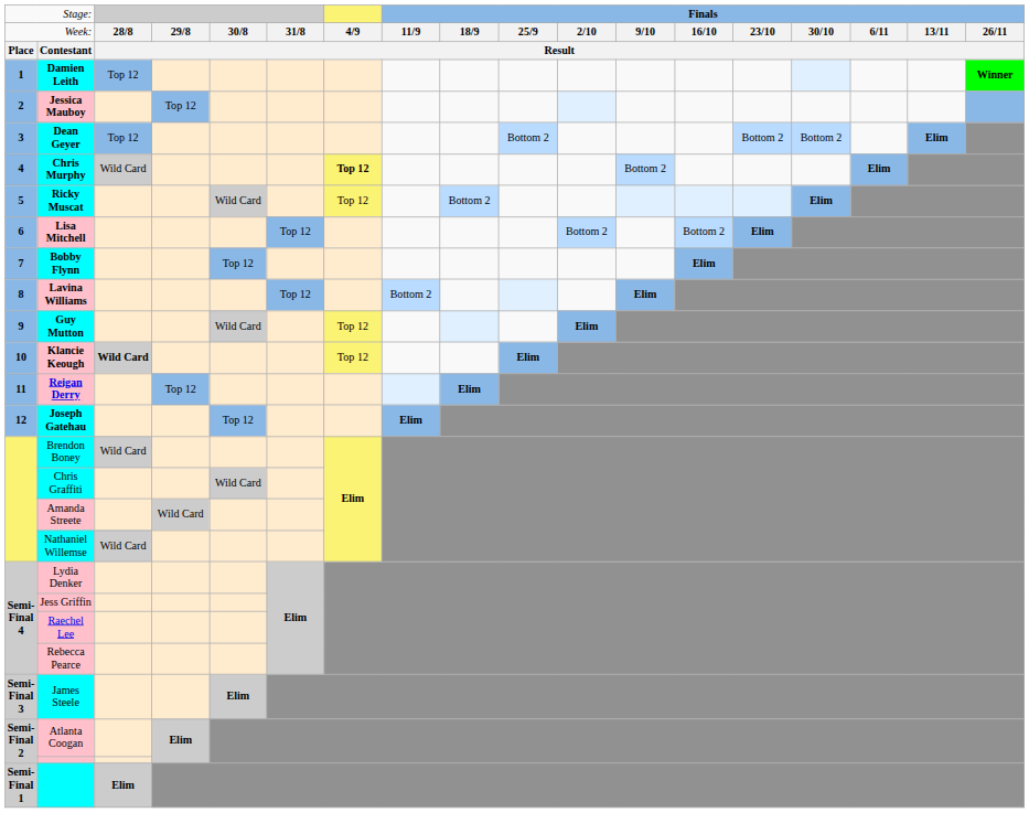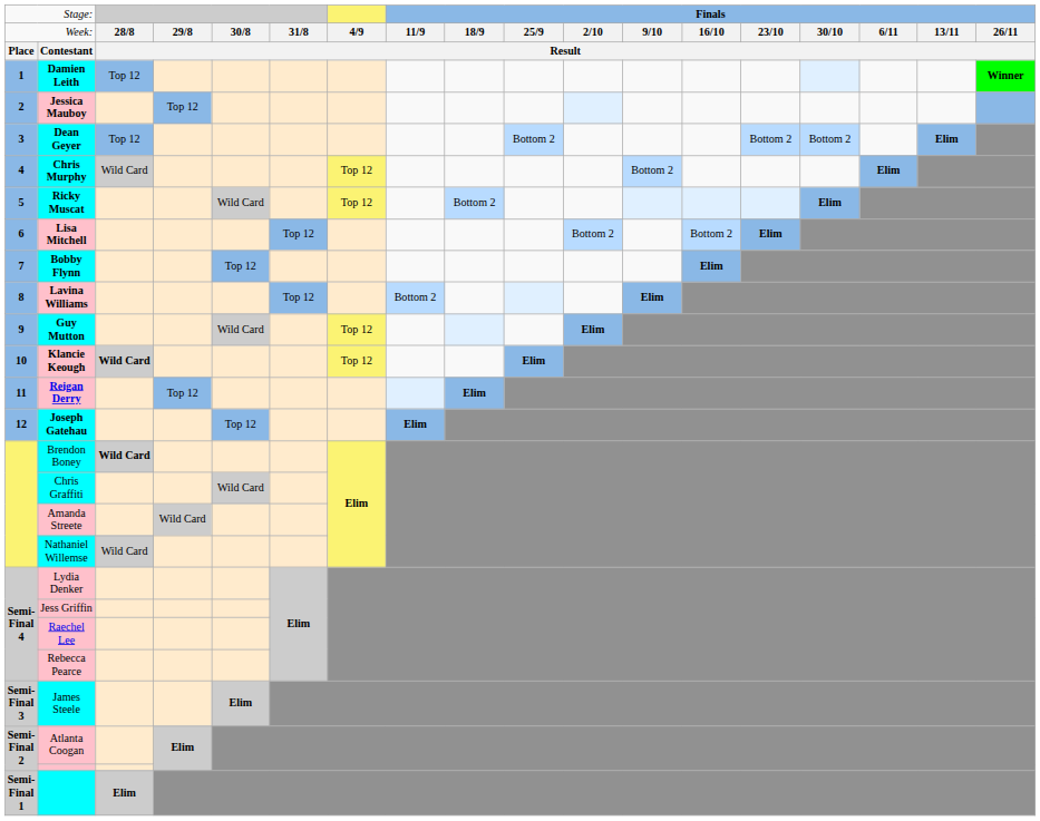 <table class="wikitable" style="text-align:center; font-size:85%">
 <tr>
 <td colspan="2" style="text-align:right;"><em>Stage:</em></td>
 <td colspan="4"  width=6% style="background:#ccc;"></td>
 <td width=6% style="background:#fbf373;"></td>
 <td colspan="14" style="background:#8ab8e6;"><strong>Finals</strong></td>
 </tr>
 <tr>
 <td colspan="2" style="text-align:right;"><em>Week:</em></td>
 <th width=6%>28/8</th>
 <th width=6%>29/8</th>
 <th width=6%>30/8</th>
 <th width=6%>31/8</th>
 <th width=6%>4/9</th>
 <th width=6%>11/9</th>
 <th width=6%>18/9</th>
 <th width=6%>25/9</th>
 <th width=6%>2/10</th>
 <th width=6%>9/10</th>
 <th width=6%>16/10</th>
 <th width=6%>23/10</th>
 <th width=6%>30/10</th>
 <th width=6%>6/11</th>
 <th width=6%>13/11</th>
 <th width=6%>26/11</th>
 </tr>
 <tr>
 <th>Place</th>
 <th>Contestant</th>
 <th colspan="20">Result</th>
 </tr>
 <tr>
 <td style="background:#8ab8e6;"><strong>1</strong></td>
 <td style="background:cyan;"><strong>Damien Leith</strong></td>
 <td style="background:#8ab8e6">Top 12</td>
 <td style="background:#FFEBCD;"></td>
 <td style="background:#FFEBCD;"></td>
 <td style="background:#FFEBCD;"></td>
 <td style="background:#FFEBCD;"></td>
 <td></td>
 <td></td>
 <td></td>
 <td></td>
 <td></td>
 <td></td>
 <td></td>
 <td style="background:#e0f0ff;"></td>
 <td></td>
 <td></td>
 <td style="background:lime;"><strong>Winner</strong></td>
 </tr>
 <tr>
 <td style="background:#8ab8e6;"><strong>2</strong></td>
 <td style="background:pink;"><strong>Jessica Mauboy</strong></td>
 <td style="background:#FFEBCD;"></td>
 <td style="background:#8ab8e6">Top 12</td>
 <td style="background:#FFEBCD;"></td>
 <td style="background:#FFEBCD;"></td>
 <td style="background:#FFEBCD;"></td>
 <td></td>
 <td></td>
 <td></td>
 <td style="background:#e0f0ff;"></td>
 <td></td>
 <td></td>
 <td></td>
 <td></td>
 <td></td>
 <td></td>
 <td style="background:#8ab8e6;"></td>
 </tr>
 <tr>
 <td style="background:#8ab8e6;"><strong>3</strong></td>
 <td style="background:cyan;"><strong>Dean Geyer</strong></td>
 <td style="background:#8ab8e6">Top 12</td>
 <td style="background:#FFEBCD;"></td>
 <td style="background:#FFEBCD;"></td>
 <td style="background:#FFEBCD;"></td>
 <td style="background:#FFEBCD;"></td>
 <td></td>
 <td></td>
 <td style="background:#b8dbff;">Bottom 2</td>
 <td></td>
 <td></td>
 <td></td>
 <td style="background:#b8dbff;">Bottom 2</td>
 <td style="background:#b8dbff;">Bottom 2</td>
 <td></td>
 <td style="background:#8ab8e6;"><strong>Elim</strong></td>
 <td style="background:#919191;" colspan="10"></td>
 </tr>
 <tr>
 <td style="background:#8ab8e6;"><strong>4</strong></td>
 <td style="background:cyan;"><strong>Chris Murphy</strong></td>
 <td style="background:#ccc">Wild Card</td>
 <td style="background:#FFEBCD;"></td>
 <td style="background:#FFEBCD;"></td>
 <td style="background:#FFEBCD;"></td>
-<td style="background:#fbf373"><strong>Top 12</strong></td>
+<td style="background:#fbf373">Top 12</td>
 <td></td>
 <td></td>
 <td></td>
 <td></td>
 <td style="background:#b8dbff;">Bottom 2</td>
 <td></td>
 <td></td>
 <td></td>
 <td style="background:#8ab8e6;"><strong>Elim</strong></td>
 <td style="background:#919191;" colspan="10"></td>
 </tr>
 <tr>
 <td style="background:#8ab8e6;"><strong>5</strong></td>
 <td style="background:cyan;"><strong>Ricky Muscat</strong></td>
 <td style="background:#FFEBCD;"></td>
 <td style="background:#FFEBCD;"></td>
 <td style="background:#ccc">Wild Card</td>
 <td style="background:#FFEBCD;"></td>
 <td style="background:#fbf373">Top 12</td>
 <td></td>
 <td style="background:#b8dbff;">Bottom 2</td>
 <td></td>
 <td></td>
 <td style="background:#e0f0ff;"></td>
 <td style="background:#e0f0ff;"></td>
 <td style="background:#e0f0ff;"></td>
 <td style="background:#8ab8e6;"><strong>Elim</strong></td>
 <td style="background:#919191;" colspan="10"></td>
 </tr>
 <tr>
 <td style="background:#8ab8e6;"><strong>6</strong></td>
 <td style="background:pink;"><strong>Lisa Mitchell</strong></td>
 <td style="background:#FFEBCD;"></td>
 <td style="background:#FFEBCD;"></td>
 <td style="background:#FFEBCD;"></td>
 <td style="background:#8ab8e6">Top 12</td>
 <td style="background:#FFEBCD;"></td>
 <td></td>
 <td></td>
 <td></td>
 <td style="background:#b8dbff;">Bottom 2</td>
 <td></td>
 <td style="background:#b8dbff;">Bottom 2</td>
 <td style="background:#8ab8e6;"><strong>Elim</strong></td>
 <td style="background:#919191;" colspan="10"></td>
 </tr>
 <tr>
 <td style="background:#8ab8e6;"><strong>7</strong></td>
 <td style="background:cyan;"><strong>Bobby Flynn</strong></td>
 <td style="background:#FFEBCD;"></td>
 <td style="background:#FFEBCD;"></td>
 <td style="background:#8ab8e6">Top 12</td>
 <td style="background:#FFEBCD;"></td>
 <td style="background:#FFEBCD;"></td>
 <td></td>
 <td></td>
 <td></td>
 <td></td>
 <td></td>
 <td style="background:#8ab8e6;"><strong>Elim</strong></td>
 <td style="background:#919191;" colspan="10"></td>
 </tr>
 <tr>
 <td style="background:#8ab8e6;"><strong>8</strong></td>
 <td style="background:pink;"><strong>Lavina Williams</strong></td>
 <td style="background:#FFEBCD;"></td>
 <td style="background:#FFEBCD;"></td>
 <td style="background:#FFEBCD;"></td>
 <td style="background:#8ab8e6">Top 12</td>
 <td style="background:#FFEBCD;"></td>
 <td style="background:#b8dbff;">Bottom 2</td>
 <td></td>
 <td style="background:#e0f0ff;"></td>
 <td></td>
 <td style="background:#8ab8e6;"><strong>Elim</strong></td>
 <td style="background:#919191;" colspan="10"></td>
 </tr>
 <tr>
 <td style="background:#8ab8e6;"><strong>9</strong></td>
 <td style="background: cyan;"><strong>Guy Mutton</strong></td>
 <td style="background:#FFEBCD;"></td>
 <td style="background:#FFEBCD;"></td>
 <td style="background:#ccc">Wild Card</td>
 <td style="background:#FFEBCD;"></td>
 <td style="background:#fbf373">Top 12</td>
 <td></td>
 <td style="background:#e0f0ff;"></td>
 <td></td>
 <td style="background:#8ab8e6;"><strong>Elim</strong></td>
 <td style="background:#919191;" colspan="10"></td>
 </tr>
 <tr>
 <td style="background:#8ab8e6;"><strong>10</strong></td>
 <td style="background:pink;"><strong>Klancie Keough</strong></td>
 <td style="background:#ccc"><strong>Wild Card</strong></td>
 <td style="background:#FFEBCD;"></td>
 <td style="background:#FFEBCD;"></td>
 <td style="background:#FFEBCD;"></td>
 <td style="background:#fbf373">Top 12</td>
 <td></td>
 <td></td>
 <td style="background:#8ab8e6;"><strong>Elim</strong></td>
 <td style="background:#919191;" colspan="10"></td>
 </tr>
 <tr>
 <td style="background:#8ab8e6;"><strong>11</strong></td>
 <td style="background:pink;"><strong><a href='#'>Reigan Derry</a></strong></td>
 <td style="background:#FFEBCD;"></td>
 <td style="background:#8ab8e6">Top 12</td>
 <td style="background:#FFEBCD;"></td>
 <td style="background:#FFEBCD;"></td>
 <td style="background:#FFEBCD;"></td>
 <td style="background:#e0f0ff;"></td>
 <td style="background:#8ab8e6;"><strong>Elim</strong></td>
 <td style="background:#919191;" colspan="10"></td>
 </tr>
 <tr>
 <td style="background:#8ab8e6;"><strong>12</strong></td>
 <td style="background:cyan;"><strong>Joseph Gatehau</strong></td>
 <td style="background:#FFEBCD;"></td>
 <td style="background:#FFEBCD;"></td>
 <td style="background:#8ab8e6">Top 12</td>
 <td style="background:#FFEBCD;"></td>
 <td style="background:#FFEBCD;"></td>
 <td style="background:#8ab8e6;"><strong>Elim</strong></td>
 <td style="background:#919191;" colspan="10"></td>
 </tr>
 <tr>
 <td style="background:#fbf373;" rowspan="4"></td>
 <td style="background:cyan;">Brendon Boney</td>
-<td style="background:#ccc">Wild Card</td>
+<td style="background:#ccc"><strong>Wild Card</strong></td>
 <td style="background:#FFEBCD;"></td>
 <td style="background:#FFEBCD;"></td>
 <td style="background:#FFEBCD;"></td>
 <td style="background:#fbf373;" rowspan="4"><strong>Elim</strong></td>
 <td style="background:#919191;" colspan="12" rowspan="4"></td>
 </tr>
 <tr>
 <td style="background:cyan;">Chris Graffiti</td>
 <td style="background:#FFEBCD;"></td>
 <td style="background:#FFEBCD;"></td>
 <td style="background:#ccc">Wild Card</td>
 <td style="background:#FFEBCD;"></td>
 </tr>
 <tr>
 <td style="background:pink;">Amanda Streete</td>
 <td style="background:#FFEBCD;"></td>
 <td style="background:#ccc">Wild Card</td>
 <td style="background:#FFEBCD;"></td>
 <td style="background:#FFEBCD;"></td>
 </tr>
 <tr>
 <td style="background:cyan;">Nathaniel Willemse</td>
 <td style="background:#ccc">Wild Card</td>
 <td style="background:#FFEBCD;"></td>
 <td style="background:#FFEBCD;"></td>
 <td style="background:#FFEBCD;"></td>
 </tr>
 <tr>
 <td style="background:#ccc;" rowspan="4"><strong>Semi-Final 4</strong></td>
 <td style="background:pink;">Lydia Denker</td>
 <td style="background:#FFEBCD;"></td>
 <td style="background:#FFEBCD;"></td>
 <td style="background:#FFEBCD;"></td>
 <td style="background:#ccc;" rowspan="4"><strong>Elim</strong></td>
 <td style="background:#919191;" colspan="13" rowspan="4"></td>
 </tr>
 <tr>
 <td style="background:pink;">Jess Griffin</td>
 <td style="background:#FFEBCD;"></td>
 <td style="background:#FFEBCD;"></td>
 <td style="background:#FFEBCD;"></td>
 </tr>
 <tr>
 <td style="background:pink;"><a href='#'>Raechel Lee</a></td>
 <td style="background:#FFEBCD;"></td>
 <td style="background:#FFEBCD;"></td>
 <td style="background:#FFEBCD;"></td>
 </tr>
 <tr>
 <td style="background:pink;">Rebecca Pearce</td>
 <td style="background:#FFEBCD;"></td>
 <td style="background:#FFEBCD;"></td>
 <td style="background:#FFEBCD;"></td>
 </tr>
 <tr>
 <td style="background:#ccc;" rowspan="1"><strong>Semi-Final 3</strong></td>
 <td style="background:cyan;">James Steele</td>
 <td style="background:#FFEBCD;"></td>
 <td style="background:#FFEBCD;"></td>
 <td style="background:#ccc;" rowspan="1"><strong>Elim</strong></td>
 <td style="background:#919191;" colspan="13" rowspan="1"></td>
 </tr>
 <tr>
 <td style="background:#ccc;" rowspan="2"><strong>Semi-Final 2</strong></td>
 <td style="background:pink;">Atlanta Coogan</td>
 <td style="background:#FFEBCD;"></td>
 <td style="background:#ccc;" rowspan="2"><strong>Elim</strong></td>
 <td style="background:#919191;" colspan="15" rowspan="2"></td>
 </tr>
 <tr>
 <td style="background:pink;"></td>
 <td style="background:#FFEBCD;"></td>
 </tr>
 <tr>
 <td style="background:#ccc;" rowspan="1"><strong>Semi-Final 1</strong></td>
 <td style="background:cyan;"></td>
 <td style="background:#ccc;" rowspan="1"><strong>Elim</strong></td>
 <td style="background:#919191;" colspan="15" rowspan="1"></td>
 </tr>
 </table>
